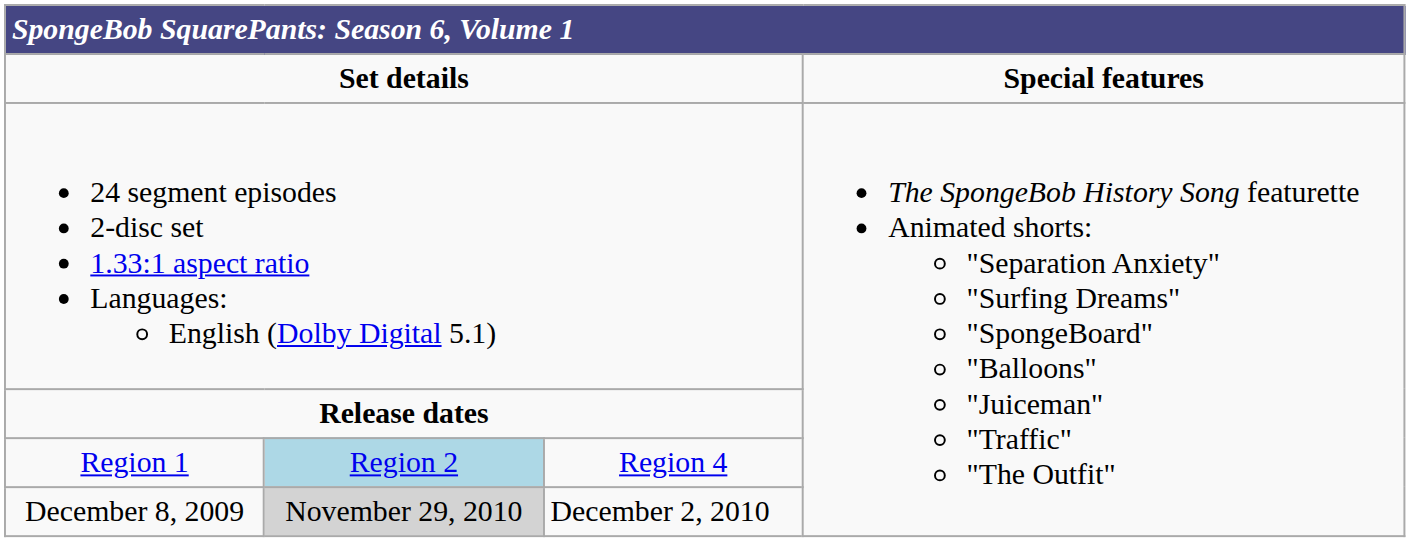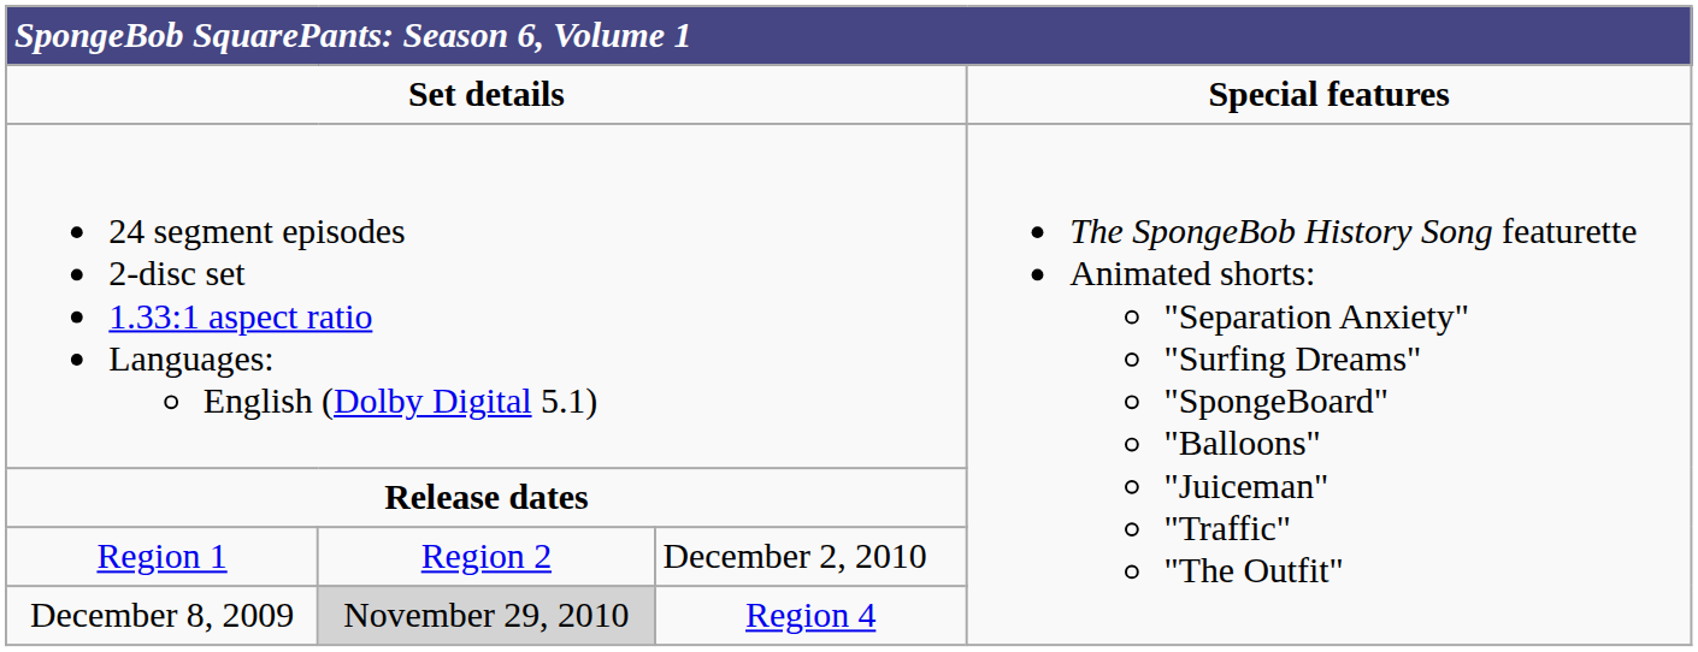 <table class="wikitable" style="font-size: 95%;">
 <tr style="background:#454683; color:#FFF;">
 <td colspan="4" style="background-color: #454683;"><strong><em>SpongeBob SquarePants: Season 6, Volume 1</em></strong></td>
 </tr>
 <tr valign="top">
 <td align="center" width="400" colspan="3"><strong>Set details</strong></td>
 <td width="300" align="center"><strong>Special features</strong></td>
 </tr>
 <tr valign="top">
 <td colspan="3" align="left" width="400"><br><ul><li>24 segment episodes</li><li>2-disc set</li><li><a href='#'>1.33:1 aspect ratio</a></li><li>Languages:<ul><li>English (<a href='#'>Dolby Digital</a> 5.1)</li></ul></li></ul></td>
 <td rowspan="4" style="text-align:left; width:300px;"><br><ul><li><em>The SpongeBob History Song</em> featurette</li><li>Animated shorts:<ul><li>"Separation Anxiety"</li><li>"Surfing Dreams"</li><li>"SpongeBoard"</li><li>"Balloons"</li><li>"Juiceman"</li><li>"Traffic"</li><li>"The Outfit"</li></ul></li></ul></td>
 </tr>
 <tr>
 <td colspan="3" align="center"><strong>Release dates</strong></td>
 </tr>
 <tr>
 <td align="center"><a href='#'>Region 1</a></td>
-<td align="center" style="background: lightblue;"><a href='#'>Region 2</a></td>
-<td align="center"><a href='#'>Region 4</a></td>
+<td align="center"><a href='#'>Region 2</a></td>
+<td aligh="center"><span>December 2, 2010</span></td>
 </tr>
 <tr>
 <td align="center"><span>December 8, 2009</span></td>
 <td align="center" style="background: lightgrey;"><span>November 29, 2010</span></td>
-<td aligh="center"><span>December 2, 2010</span></td>
+<td align="center"><a href='#'>Region 4</a></td>
 </tr>
 </table>
